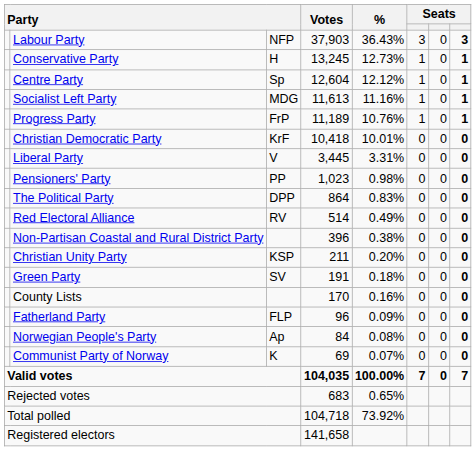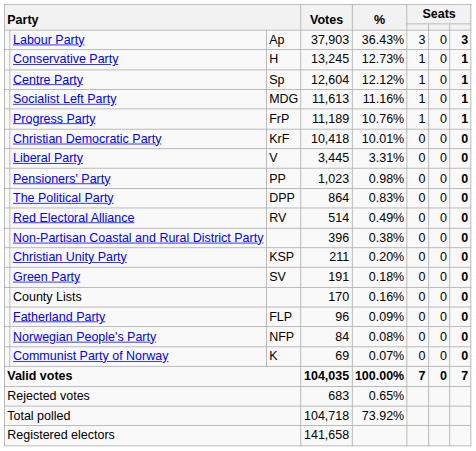 <table class="wikitable" border="1" style="text-align:right;">
 <tr>
 <th style="text-align:left;" valign=bottom rowspan=2 colspan=3>Party</th>
 <th align=center valign=bottom rowspan=2 width="50">Votes</th>
 <th align=center valign=bottom rowspan=2 width="50">%</th>
 <th colspan=3>Seats</th>
 </tr>
 <tr>
 <th align=center valign=bottom width="20"><small></small></th>
 <th align=center valign=bottom width="20"><small><a href='#'></a></small></th>
 <th align=center valign=bottom width="20"><small></small></th>
 </tr>
 <tr>
 <td style="color:inherit;background:"></td>
 <td align=left><a href='#'>Labour Party</a></td>
-<td align=left>NFP</td>
+<td align=left>Ap</td>
 <td>37,903</td>
 <td>36.43%</td>
 <td>3</td>
 <td>0</td>
 <td><strong>3</strong></td>
 </tr>
 <tr>
 <td style="color:inherit;background:"></td>
 <td align=left><a href='#'>Conservative Party</a></td>
 <td align=left>H</td>
 <td>13,245</td>
 <td>12.73%</td>
 <td>1</td>
 <td>0</td>
 <td><strong>1</strong></td>
 </tr>
 <tr>
 <td style="color:inherit;background:"></td>
 <td align=left><a href='#'>Centre Party</a></td>
 <td align=left>Sp</td>
 <td>12,604</td>
 <td>12.12%</td>
 <td>1</td>
 <td>0</td>
 <td><strong>1</strong></td>
 </tr>
 <tr>
 <td style="color:inherit;background:"></td>
 <td align=left><a href='#'>Socialist Left Party</a></td>
 <td align=left>MDG</td>
 <td>11,613</td>
 <td>11.16%</td>
 <td>1</td>
 <td>0</td>
 <td><strong>1</strong></td>
 </tr>
 <tr>
 <td style="color:inherit;background:"></td>
 <td align=left><a href='#'>Progress Party</a></td>
 <td align=left>FrP</td>
 <td>11,189</td>
 <td>10.76%</td>
 <td>1</td>
 <td>0</td>
 <td><strong>1</strong></td>
 </tr>
 <tr>
 <td style="color:inherit;background:"></td>
 <td align=left><a href='#'>Christian Democratic Party</a></td>
 <td align=left>KrF</td>
 <td>10,418</td>
 <td>10.01%</td>
 <td>0</td>
 <td>0</td>
 <td><strong>0</strong></td>
 </tr>
 <tr>
 <td style="color:inherit;background:"></td>
 <td align=left><a href='#'>Liberal Party</a></td>
 <td align=left>V</td>
 <td>3,445</td>
 <td>3.31%</td>
 <td>0</td>
 <td>0</td>
 <td><strong>0</strong></td>
 </tr>
 <tr>
 <td style="color:inherit;background:"></td>
 <td align=left><a href='#'>Pensioners' Party</a></td>
 <td align=left>PP</td>
 <td>1,023</td>
 <td>0.98%</td>
 <td>0</td>
 <td>0</td>
 <td><strong>0</strong></td>
 </tr>
 <tr>
 <td style="color:inherit;background:"></td>
 <td align=left><a href='#'>The Political Party</a></td>
 <td align=left>DPP</td>
 <td>864</td>
 <td>0.83%</td>
 <td>0</td>
 <td>0</td>
 <td><strong>0</strong></td>
 </tr>
 <tr>
 <td style="color:inherit;background:"></td>
 <td align=left><a href='#'>Red Electoral Alliance</a></td>
 <td align=left>RV</td>
 <td>514</td>
 <td>0.49%</td>
 <td>0</td>
 <td>0</td>
 <td><strong>0</strong></td>
 </tr>
 <tr>
 <td></td>
 <td align=left><a href='#'>Non-Partisan Coastal and Rural District Party</a></td>
 <td align=left></td>
 <td>396</td>
 <td>0.38%</td>
 <td>0</td>
 <td>0</td>
 <td><strong>0</strong></td>
 </tr>
 <tr>
 <td style="color:inherit;background:"></td>
 <td align=left><a href='#'>Christian Unity Party</a></td>
 <td align=left>KSP</td>
 <td>211</td>
 <td>0.20%</td>
 <td>0</td>
 <td>0</td>
 <td><strong>0</strong></td>
 </tr>
 <tr>
 <td style="color:inherit;background:"></td>
 <td align=left><a href='#'>Green Party</a></td>
 <td align=left>SV</td>
 <td>191</td>
 <td>0.18%</td>
 <td>0</td>
 <td>0</td>
 <td><strong>0</strong></td>
 </tr>
 <tr>
 <td></td>
 <td align=left>County Lists</td>
 <td align=left></td>
 <td>170</td>
 <td>0.16%</td>
 <td>0</td>
 <td>0</td>
 <td><strong>0</strong></td>
 </tr>
 <tr>
 <td style="color:inherit;background:"></td>
 <td align=left><a href='#'>Fatherland Party</a></td>
 <td align=left>FLP</td>
 <td>96</td>
 <td>0.09%</td>
 <td>0</td>
 <td>0</td>
 <td><strong>0</strong></td>
 </tr>
 <tr>
 <td style="color:inherit;background:"></td>
 <td align=left><a href='#'>Norwegian People's Party</a></td>
-<td align=left>Ap</td>
+<td align=left>NFP</td>
 <td>84</td>
 <td>0.08%</td>
 <td>0</td>
 <td>0</td>
 <td><strong>0</strong></td>
 </tr>
 <tr>
 <td style="color:inherit;background:"></td>
 <td align=left><a href='#'>Communist Party of Norway</a></td>
 <td align=left>K</td>
 <td>69</td>
 <td>0.07%</td>
 <td>0</td>
 <td>0</td>
 <td><strong>0</strong></td>
 </tr>
 <tr style="font-weight:bold">
 <td align=left colspan=3>Valid votes</td>
 <td>104,035</td>
 <td>100.00%</td>
 <td>7</td>
 <td>0</td>
 <td>7</td>
 </tr>
 <tr>
 <td align=left colspan=3>Rejected votes</td>
 <td>683</td>
 <td>0.65%</td>
 <td></td>
 <td></td>
 <td></td>
 </tr>
 <tr>
 <td align=left colspan=3>Total polled</td>
 <td>104,718</td>
 <td>73.92%</td>
 <td></td>
 <td></td>
 <td></td>
 </tr>
 <tr>
 <td align=left colspan=3>Registered electors</td>
 <td>141,658</td>
 <td></td>
 <td></td>
 <td></td>
 <td></td>
 </tr>
 </table>
